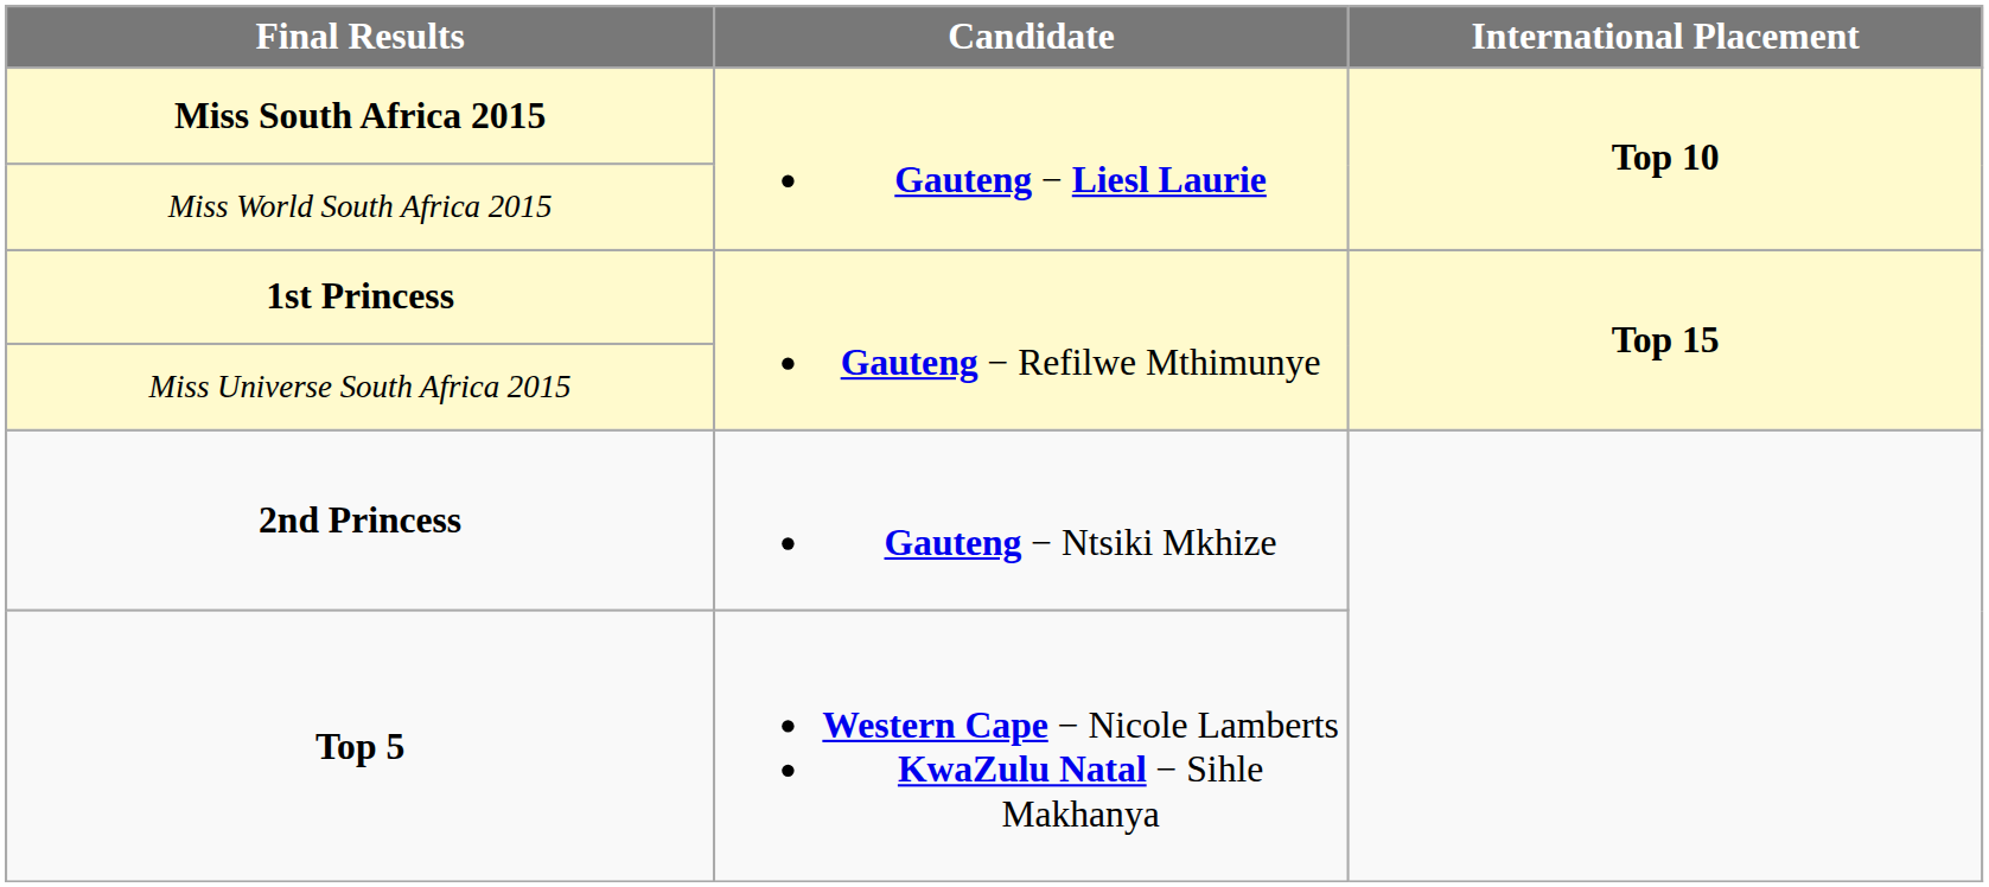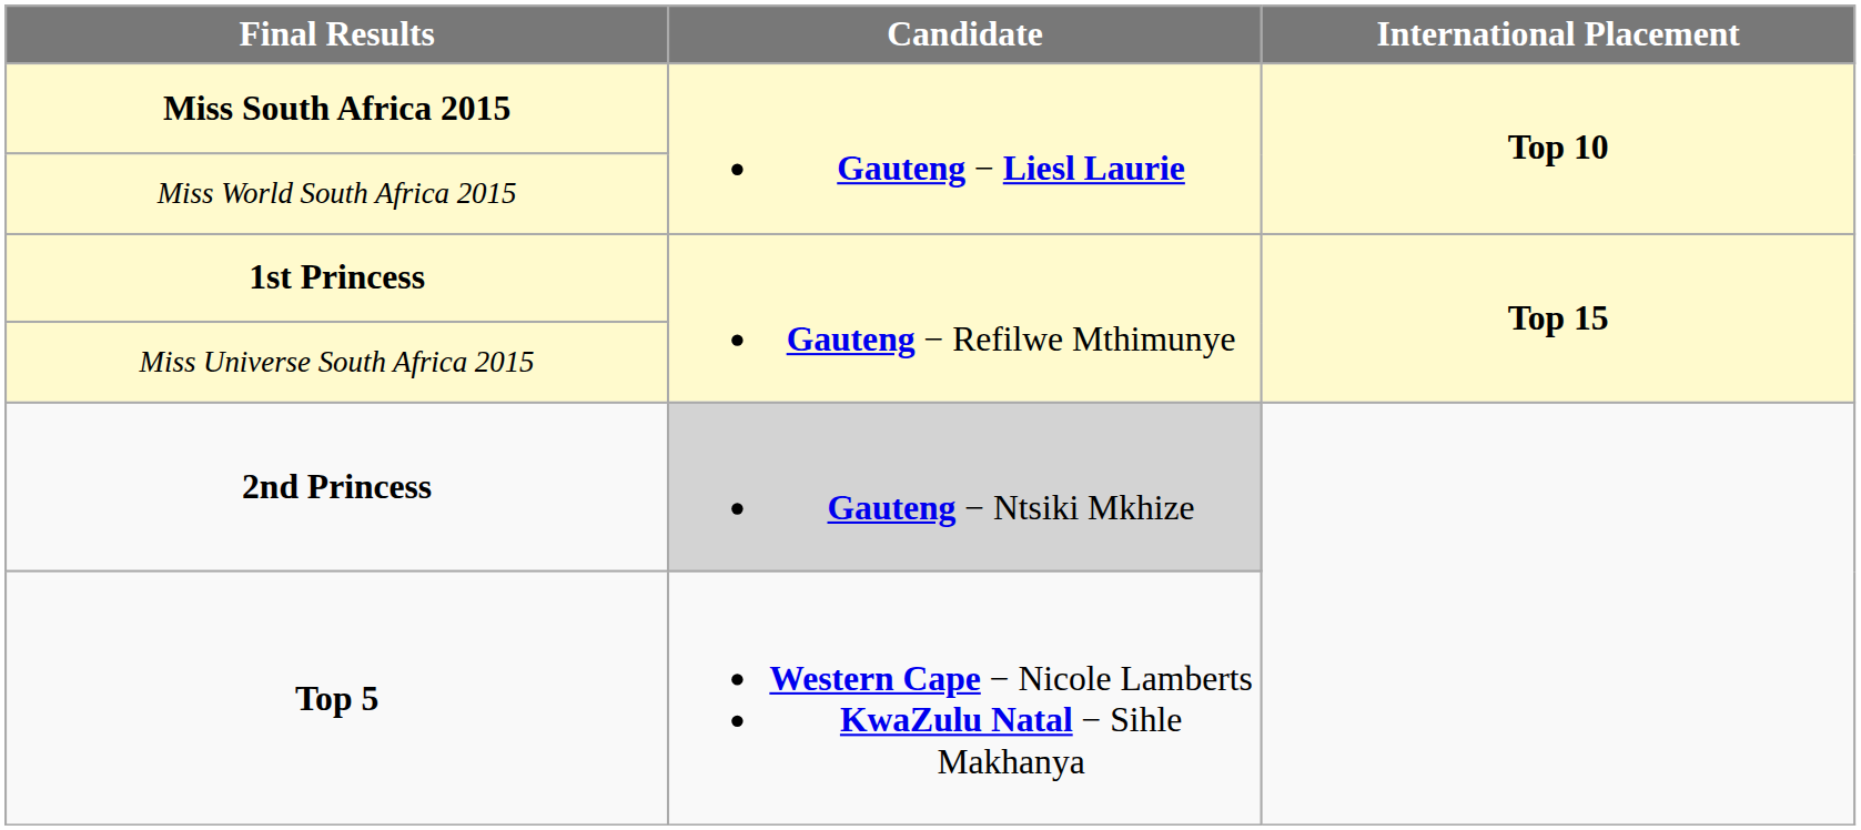 <table class="wikitable sortable" style="font-size:95%;">
 <tr>
 <th style="width:280px;background-color:#787878;color:#FFFFFF;">Final Results</th>
 <th style="width:250px;background-color:#787878;color:#FFFFFF;">Candidate</th>
 <th style="width:250px;background-color:#787878;color:#FFFFFF;">International Placement</th>
 </tr>
 <tr align="center" style="background:#FFFACD">
 <td style="text-align:center"><strong>Miss South Africa 2015</strong></td>
 <td rowspan=2><br><ul><li><strong><a href='#'>Gauteng</a></strong> − <strong><a href='#'>Liesl Laurie</a></strong></li></ul></td>
 <td rowspan="2"><strong>Top 10</strong></td>
 </tr>
 <tr align="center" style="background:#FFFACD;">
 <td style="text-align:center; font-size:85%"><em>Miss World South Africa 2015</em></td>
 </tr>
 <tr align="center" style="background:#FFFACD;">
 <td style="text-align:center"><strong>1st Princess</strong></td>
 <td rowspan=2><br><ul><li><strong><a href='#'>Gauteng</a></strong> − Refilwe Mthimunye</li></ul></td>
 <td rowspan="2"><strong>Top 15</strong></td>
 </tr>
 <tr align="center" style="background:#FFFACD;">
 <td style="text-align:center; font-size:85%"><em>Miss Universe South Africa 2015</em></td>
 </tr>
 <tr align="center">
 <td><strong> 2nd Princess</strong></td>
-<td><br><ul><li><strong><a href='#'>Gauteng</a></strong> − Ntsiki Mkhize</li></ul></td>
+<td style="background: lightgrey;"><br><ul><li><strong><a href='#'>Gauteng</a></strong> − Ntsiki Mkhize</li></ul></td>
 </tr>
 <tr align="center">
 <td><strong>Top 5</strong></td>
 <td><br><ul><li><strong><a href='#'>Western Cape</a></strong> − Nicole Lamberts</li><li><strong><a href='#'>KwaZulu Natal</a></strong> − Sihle Makhanya</li></ul></td>
 </tr>
 </table>
